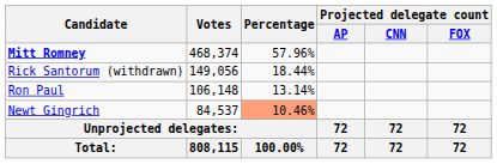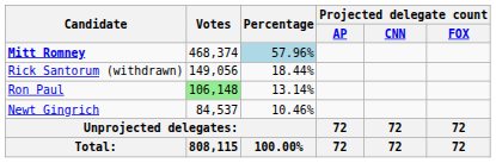 <table class="wikitable" style="text-align:right;">
 <tr>
 <th rowspan="2">Candidate</th>
 <th rowspan="2">Votes</th>
 <th rowspan="2">Percentage</th>
 <th colspan="3">Projected delegate count</th>
 </tr>
 <tr>
 <th><a href='#'>AP</a></th>
 <th><a href='#'>CNN</a><br></th>
 <th><a href='#'>FOX</a><br></th>
 </tr>
 <tr>
 <td style="text-align:left;"> <strong><a href='#'>Mitt Romney</a></strong></td>
 <td>468,374</td>
-<td>57.96%</td>
+<td style="background: lightblue;">57.96%</td>
 <td></td>
 <td></td>
 <td></td>
 </tr>
 <tr>
 <td style="text-align:left;"><a href='#'>Rick Santorum</a> (withdrawn)</td>
 <td>149,056</td>
 <td>18.44%</td>
 <td></td>
 <td></td>
 <td></td>
 </tr>
 <tr>
 <td style="text-align:left;"><a href='#'>Ron Paul</a></td>
-<td>106,148</td>
+<td style="background: lightgreen;">106,148</td>
 <td>13.14%</td>
 <td></td>
 <td></td>
 <td></td>
 </tr>
 <tr>
 <td style="text-align:left;"><a href='#'>Newt Gingrich</a></td>
 <td>84,537</td>
-<td style="background: lightsalmon;">10.46%</td>
+<td>10.46%</td>
 <td></td>
 <td></td>
 <td></td>
 </tr>
 <tr style="background:#eee;">
 <th colspan="3">Unprojected delegates:</th>
 <th>72</th>
 <th>72</th>
 <th>72</th>
 </tr>
 <tr style="background:#eee;">
 <th>Total:</th>
 <th>808,115</th>
 <th>100.00%</th>
 <th>72</th>
 <th>72</th>
 <th>72</th>
 </tr>
 </table>
